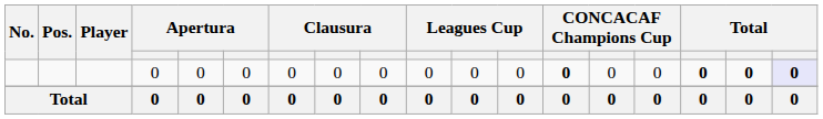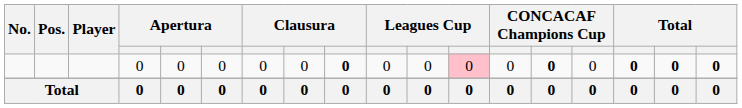 <table class="wikitable sortable" style="text-align:center">
 <tr>
 <th rowspan="2">No.</th>
 <th rowspan="2">Pos.</th>
 <th rowspan="2">Player</th>
 <th colspan="3" style="width:120px">Apertura</th>
 <th colspan="3" style="width:120px">Clausura</th>
 <th colspan="3" style="width:120px">Leagues Cup</th>
 <th colspan="3" style="width:120px">CONCACAF Champions Cup</th>
 <th colspan="3" style="width:120px">Total</th>
 </tr>
 <tr>
 <th></th>
 <th></th>
 <th></th>
 <th></th>
 <th></th>
 <th></th>
 <th></th>
 <th></th>
 <th></th>
 <th></th>
 <th></th>
 <th></th>
 <th></th>
 <th></th>
 <th></th>
 </tr>
 <tr>
 <td></td>
 <td></td>
 <td align=left></td>
 <td>0</td>
 <td>0</td>
 <td>0</td>
 <td>0</td>
 <td>0</td>
+<td><strong>0</strong></td>
 <td>0</td>
 <td>0</td>
-<td>0</td>
+<td style="background: pink;">0</td>
 <td>0</td>
 <td><strong>0</strong></td>
 <td>0</td>
-<td>0</td>
 <td><strong>0</strong></td>
 <td><strong>0</strong></td>
-<td style="background: lavender;"><strong>0</strong></td>
+<td><strong>0</strong></td>
 </tr>
 <tr>
 </tr>
 <tr class="sortbottom">
 <th colspan=3>Total</th>
 <th>0</th>
 <th>0</th>
 <th>0</th>
 <th>0</th>
 <th>0</th>
 <th>0</th>
 <th>0</th>
 <th>0</th>
 <th>0</th>
 <th>0</th>
 <th>0</th>
 <th>0</th>
 <th>0</th>
 <th>0</th>
 <th>0</th>
 </tr>
 </table>
